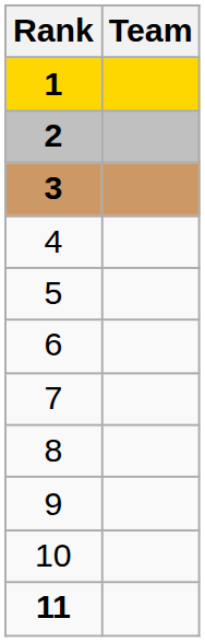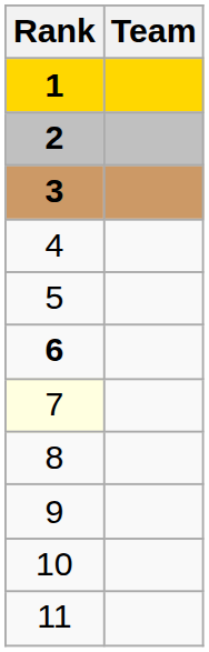 <table class="wikitable" style="text-align:center">
 <tr>
 <th>Rank</th>
 <th>Team</th>
 </tr>
 <tr bgcolor="gold">
 <td><strong>1</strong></td>
 <td align="left"><strong></strong></td>
 </tr>
 <tr bgcolor="silver">
 <td><strong>2</strong></td>
 <td align="left"><strong></strong></td>
 </tr>
 <tr bgcolor="#CC9966">
 <td><strong>3</strong></td>
 <td align="left"><strong></strong></td>
 </tr>
 <tr>
 <td>4</td>
 <td align="left"></td>
 </tr>
 <tr>
 <td>5</td>
 <td align="left"></td>
 </tr>
 <tr>
-<td>6</td>
+<td><strong>6</strong></td>
 <td align="left"></td>
 </tr>
 <tr>
-<td>7</td>
+<td style="background: lightyellow;">7</td>
 <td align="left"></td>
 </tr>
 <tr>
 <td>8</td>
 <td align="left"></td>
 </tr>
 <tr>
 <td>9</td>
 <td align="left"></td>
 </tr>
 <tr>
 <td>10</td>
 <td align="left"></td>
 </tr>
 <tr>
-<td><strong>11</strong></td>
+<td>11</td>
 <td align="left"></td>
 </tr>
 </table>
